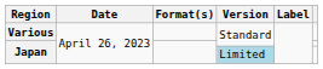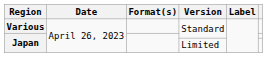 <table class="wikitable plainrowheaders">
 <tr>
 <th scope="col">Region</th>
 <th scope="col">Date</th>
 <th scope="col">Format(s)</th>
 <th scope="col">Version</th>
 <th scope="col">Label</th>
 <th scope="col"></th>
 </tr>
 <tr>
 <th scope="row">Various</th>
 <td rowspan="3">April 26, 2023</td>
 <td></td>
 <td rowspan="2">Standard</td>
 <td rowspan="3"></td>
 <td align="center"></td>
 </tr>
 <tr>
 <th rowspan="2" scope="row">Japan</th>
 <td rowspan="2"></td>
 <td align="center"></td>
 </tr>
 <tr>
-<td style="background: lightblue;">Limited</td>
+<td>Limited</td>
 <td align="center"></td>
 </tr>
 </table>
